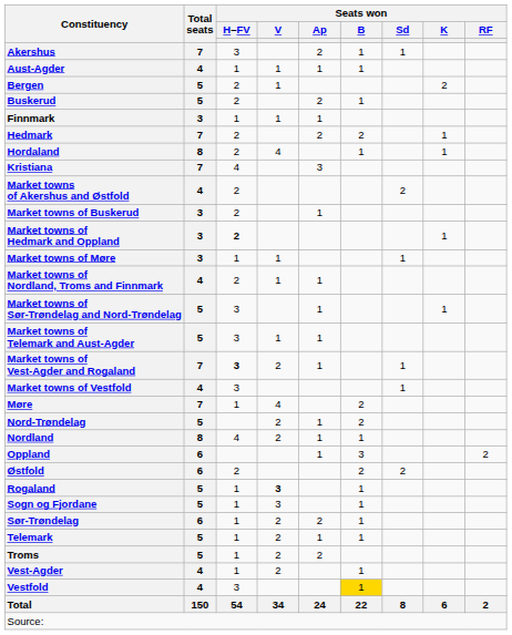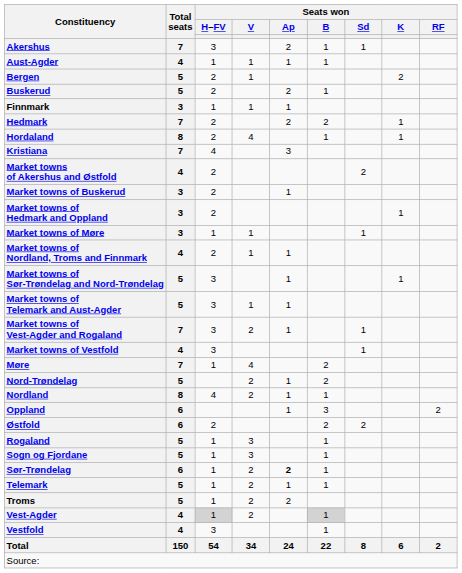 <table class="wikitable" style="text-align:center; font-size: 0.9em;">
 <tr>
 <th rowspan="3">Constituency</th>
 <th rowspan="3">Total<br>seats</th>
 <th colspan="7">Seats won</th>
 </tr>
 <tr>
 <th class="unsortable" style="width:50px;"><a href='#'>H</a>–<a href='#'>FV</a></th>
 <th class="unsortable" style="width:50px;"><a href='#'>V</a></th>
 <th class="unsortable" style="width:50px;"><a href='#'>Ap</a></th>
 <th class="unsortable" style="width:50px;"><a href='#'>B</a></th>
 <th class="unsortable" style="width:50px;"><a href='#'>Sd</a></th>
 <th class="unsortable" style="width:50px;"><a href='#'>K</a></th>
 <th class="unsortable" style="width:50px;"><a href='#'>RF</a></th>
 </tr>
 <tr>
 <th style="background:"></th>
 <th style="background:"></th>
 <th style="background:"></th>
 <th style="background:"></th>
 <th style="background:"></th>
 <th style="background:"></th>
 <th style="background:"></th>
 </tr>
 <tr>
 <th style=text-align:left><a href='#'>Akershus</a></th>
 <th>7</th>
 <td>3</td>
 <td></td>
 <td>2</td>
 <td>1</td>
 <td>1</td>
 <td></td>
 <td></td>
 </tr>
 <tr>
 <th style=text-align:left><a href='#'>Aust-Agder</a></th>
 <th>4</th>
 <td>1</td>
 <td>1</td>
 <td>1</td>
 <td>1</td>
 <td></td>
 <td></td>
 <td></td>
 </tr>
 <tr>
 <th style=text-align:left><a href='#'>Bergen</a></th>
 <th>5</th>
 <td>2</td>
 <td>1</td>
 <td></td>
 <td></td>
 <td></td>
 <td>2</td>
 <td></td>
 </tr>
 <tr>
 <th style=text-align:left><a href='#'>Buskerud</a></th>
 <th>5</th>
 <td>2</td>
 <td></td>
 <td>2</td>
 <td>1</td>
 <td></td>
 <td></td>
 <td></td>
 </tr>
 <tr>
 <th style=text-align:left>Finnmark</th>
 <th>3</th>
 <td>1</td>
 <td>1</td>
 <td>1</td>
 <td></td>
 <td></td>
 <td></td>
 <td></td>
 </tr>
 <tr>
 <th style=text-align:left><a href='#'>Hedmark</a></th>
 <th>7</th>
 <td>2</td>
 <td></td>
 <td>2</td>
 <td>2</td>
 <td></td>
 <td>1</td>
 <td></td>
 </tr>
 <tr>
 <th style=text-align:left><a href='#'>Hordaland</a></th>
 <th>8</th>
 <td>2</td>
 <td>4</td>
 <td></td>
 <td>1</td>
 <td></td>
 <td>1</td>
 <td></td>
 </tr>
 <tr>
 <th style=text-align:left><a href='#'>Kristiana</a></th>
 <th>7</th>
 <td>4</td>
 <td></td>
 <td>3</td>
 <td></td>
 <td></td>
 <td></td>
 <td></td>
 </tr>
 <tr>
 <th style=text-align:left><a href='#'>Market towns<br>of Akershus and Østfold</a></th>
 <th>4</th>
 <td>2</td>
 <td></td>
 <td></td>
 <td></td>
 <td>2</td>
 <td></td>
 <td></td>
 </tr>
 <tr>
 <th style=text-align:left><a href='#'>Market towns of Buskerud</a></th>
 <th>3</th>
 <td>2</td>
 <td></td>
 <td>1</td>
 <td></td>
 <td></td>
 <td></td>
 <td></td>
 </tr>
 <tr>
 <th style=text-align:left><a href='#'>Market towns of<br>Hedmark and Oppland</a></th>
 <th>3</th>
-<td><strong>2</strong></td>
+<td>2</td>
 <td></td>
 <td></td>
 <td></td>
 <td></td>
 <td>1</td>
 <td></td>
 </tr>
 <tr>
 <th style=text-align:left><a href='#'>Market towns of Møre</a></th>
 <th>3</th>
 <td>1</td>
 <td>1</td>
 <td></td>
 <td></td>
 <td>1</td>
 <td></td>
 <td></td>
 </tr>
 <tr>
 <th style=text-align:left><a href='#'>Market towns of<br>Nordland, Troms and Finnmark</a></th>
 <th>4</th>
 <td>2</td>
 <td>1</td>
 <td>1</td>
 <td></td>
 <td></td>
 <td></td>
 <td></td>
 </tr>
 <tr>
 <th style=text-align:left><a href='#'>Market towns of<br>Sør-Trøndelag and Nord-Trøndelag</a></th>
 <th>5</th>
 <td>3</td>
 <td></td>
 <td>1</td>
 <td></td>
 <td></td>
 <td>1</td>
 <td></td>
 </tr>
 <tr>
 <th style=text-align:left><a href='#'>Market towns of<br>Telemark and Aust-Agder</a></th>
 <th>5</th>
 <td>3</td>
 <td>1</td>
 <td>1</td>
 <td></td>
 <td></td>
 <td></td>
 <td></td>
 </tr>
 <tr>
 <th style=text-align:left><a href='#'>Market towns of<br>Vest-Agder and Rogaland</a></th>
 <th>7</th>
-<td><strong>3</strong></td>
+<td>3</td>
 <td>2</td>
 <td>1</td>
 <td></td>
 <td>1</td>
 <td></td>
 <td></td>
 </tr>
 <tr>
 <th style=text-align:left><a href='#'>Market towns of Vestfold</a></th>
 <th>4</th>
 <td>3</td>
 <td></td>
 <td></td>
 <td></td>
 <td>1</td>
 <td></td>
 <td></td>
 </tr>
 <tr>
 <th style=text-align:left><a href='#'>Møre</a></th>
 <th>7</th>
 <td>1</td>
 <td>4</td>
 <td></td>
 <td>2</td>
 <td></td>
 <td></td>
 <td></td>
 </tr>
 <tr>
 <th style=text-align:left><a href='#'>Nord-Trøndelag</a></th>
 <th>5</th>
 <td></td>
 <td>2</td>
 <td>1</td>
 <td>2</td>
 <td></td>
 <td></td>
 <td></td>
 </tr>
 <tr>
 <th style=text-align:left><a href='#'>Nordland</a></th>
 <th>8</th>
 <td>4</td>
 <td>2</td>
 <td>1</td>
 <td>1</td>
 <td></td>
 <td></td>
 <td></td>
 </tr>
 <tr>
 <th style=text-align:left><a href='#'>Oppland</a></th>
 <th>6</th>
 <td></td>
 <td></td>
 <td>1</td>
 <td>3</td>
 <td></td>
 <td></td>
 <td>2</td>
 </tr>
 <tr>
 <th style=text-align:left><a href='#'>Østfold</a></th>
 <th>6</th>
 <td>2</td>
 <td></td>
 <td></td>
 <td>2</td>
 <td>2</td>
 <td></td>
 <td></td>
 </tr>
 <tr>
 <th style=text-align:left><a href='#'>Rogaland</a></th>
 <th>5</th>
 <td>1</td>
-<td><strong>3</strong></td>
+<td>3</td>
 <td></td>
 <td>1</td>
 <td></td>
 <td></td>
 <td></td>
 </tr>
 <tr>
 <th style=text-align:left><a href='#'>Sogn og Fjordane</a></th>
 <th>5</th>
 <td>1</td>
 <td>3</td>
 <td></td>
 <td>1</td>
 <td></td>
 <td></td>
 <td></td>
 </tr>
 <tr>
 <th style=text-align:left><a href='#'>Sør-Trøndelag</a></th>
 <th>6</th>
 <td>1</td>
 <td>2</td>
-<td>2</td>
+<td><strong>2</strong></td>
 <td>1</td>
 <td></td>
 <td></td>
 <td></td>
 </tr>
 <tr>
 <th style=text-align:left><a href='#'>Telemark</a></th>
 <th>5</th>
 <td>1</td>
 <td>2</td>
 <td>1</td>
 <td>1</td>
 <td></td>
 <td></td>
 <td></td>
 </tr>
 <tr>
 <th style=text-align:left>Troms</th>
 <th>5</th>
 <td>1</td>
 <td>2</td>
 <td>2</td>
 <td></td>
 <td></td>
 <td></td>
 <td></td>
 </tr>
 <tr>
 <th style=text-align:left><a href='#'>Vest-Agder</a></th>
 <th>4</th>
-<td>1</td>
+<td style="background: lightgrey;">1</td>
 <td>2</td>
 <td></td>
-<td>1</td>
+<td style="background: lightgrey;">1</td>
 <td></td>
 <td></td>
 <td></td>
 </tr>
 <tr>
 <th style=text-align:left><a href='#'>Vestfold</a></th>
 <th>4</th>
 <td>3</td>
 <td></td>
 <td></td>
-<td style="background: gold;">1</td>
+<td>1</td>
 <td></td>
 <td></td>
 <td></td>
 </tr>
 <tr>
 <th style=text-align:left>Total</th>
 <th>150</th>
 <th>54</th>
 <th>34</th>
 <th>24</th>
 <th>22</th>
 <th>8</th>
 <th>6</th>
 <th>2</th>
 </tr>
 <tr>
 <td align=left colspan=9>Source: </td>
 </tr>
 </table>
